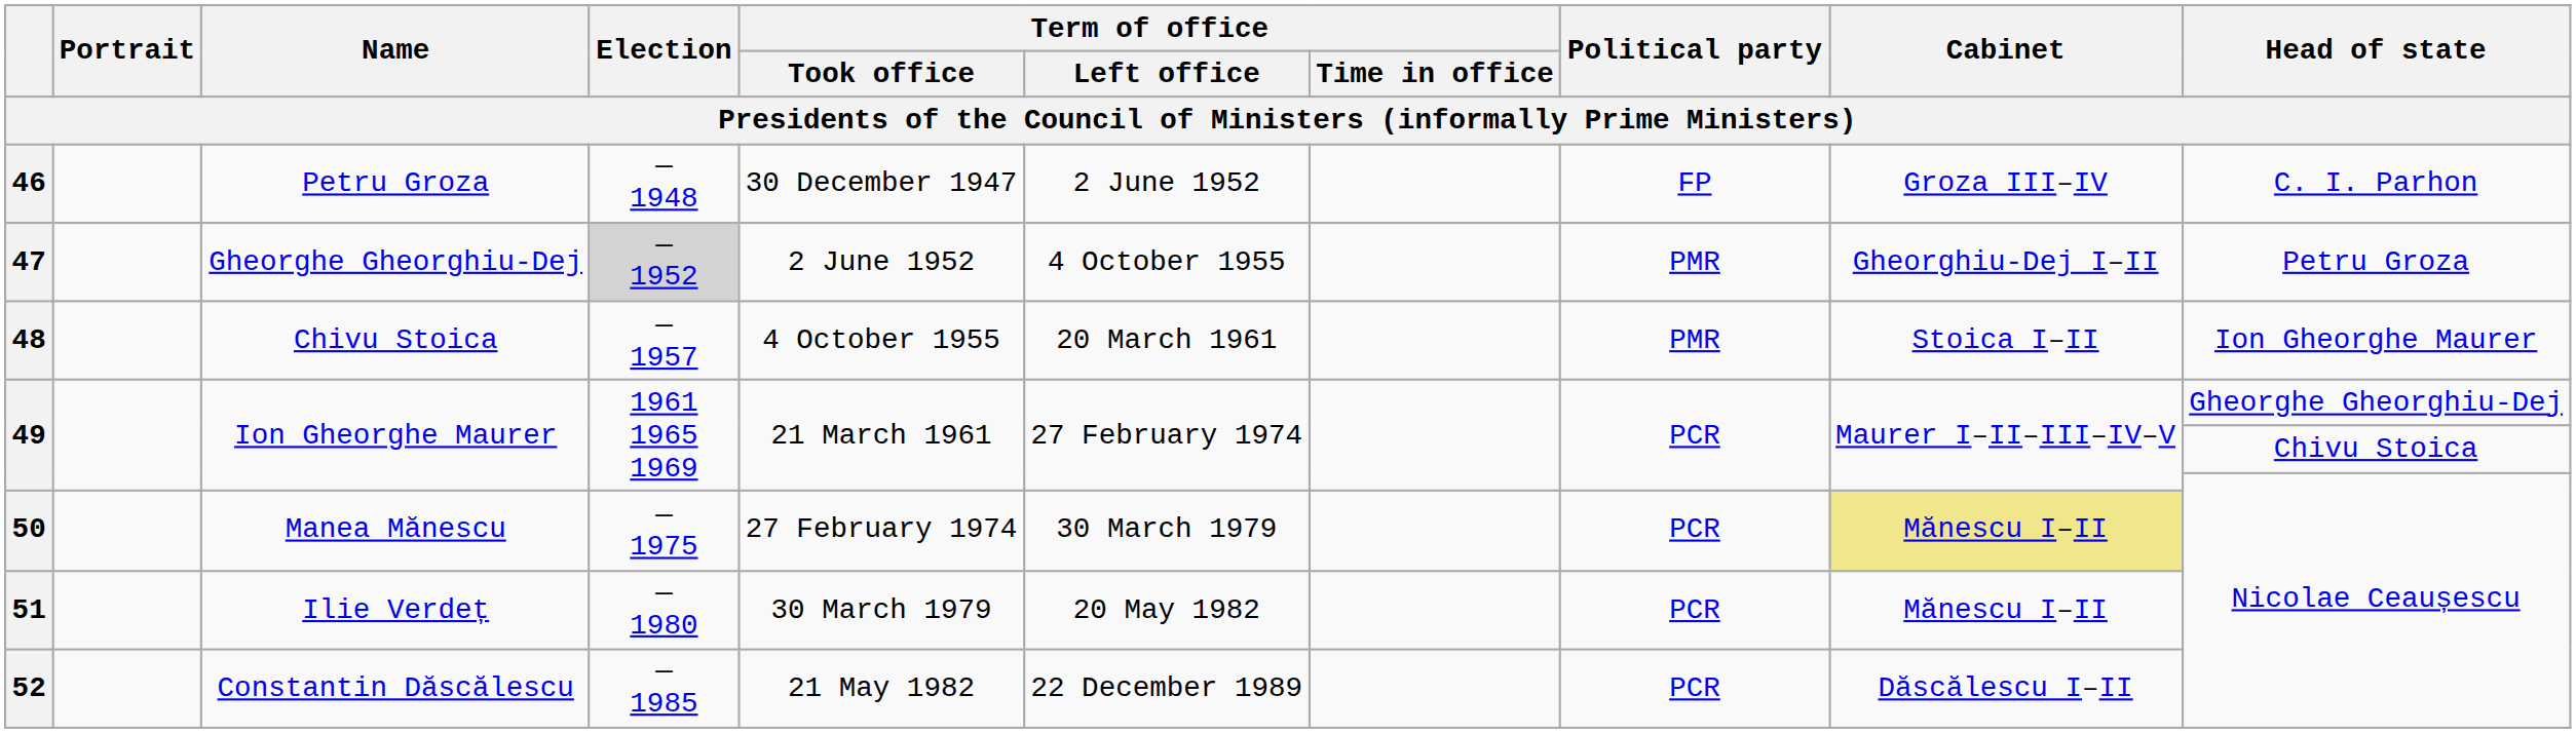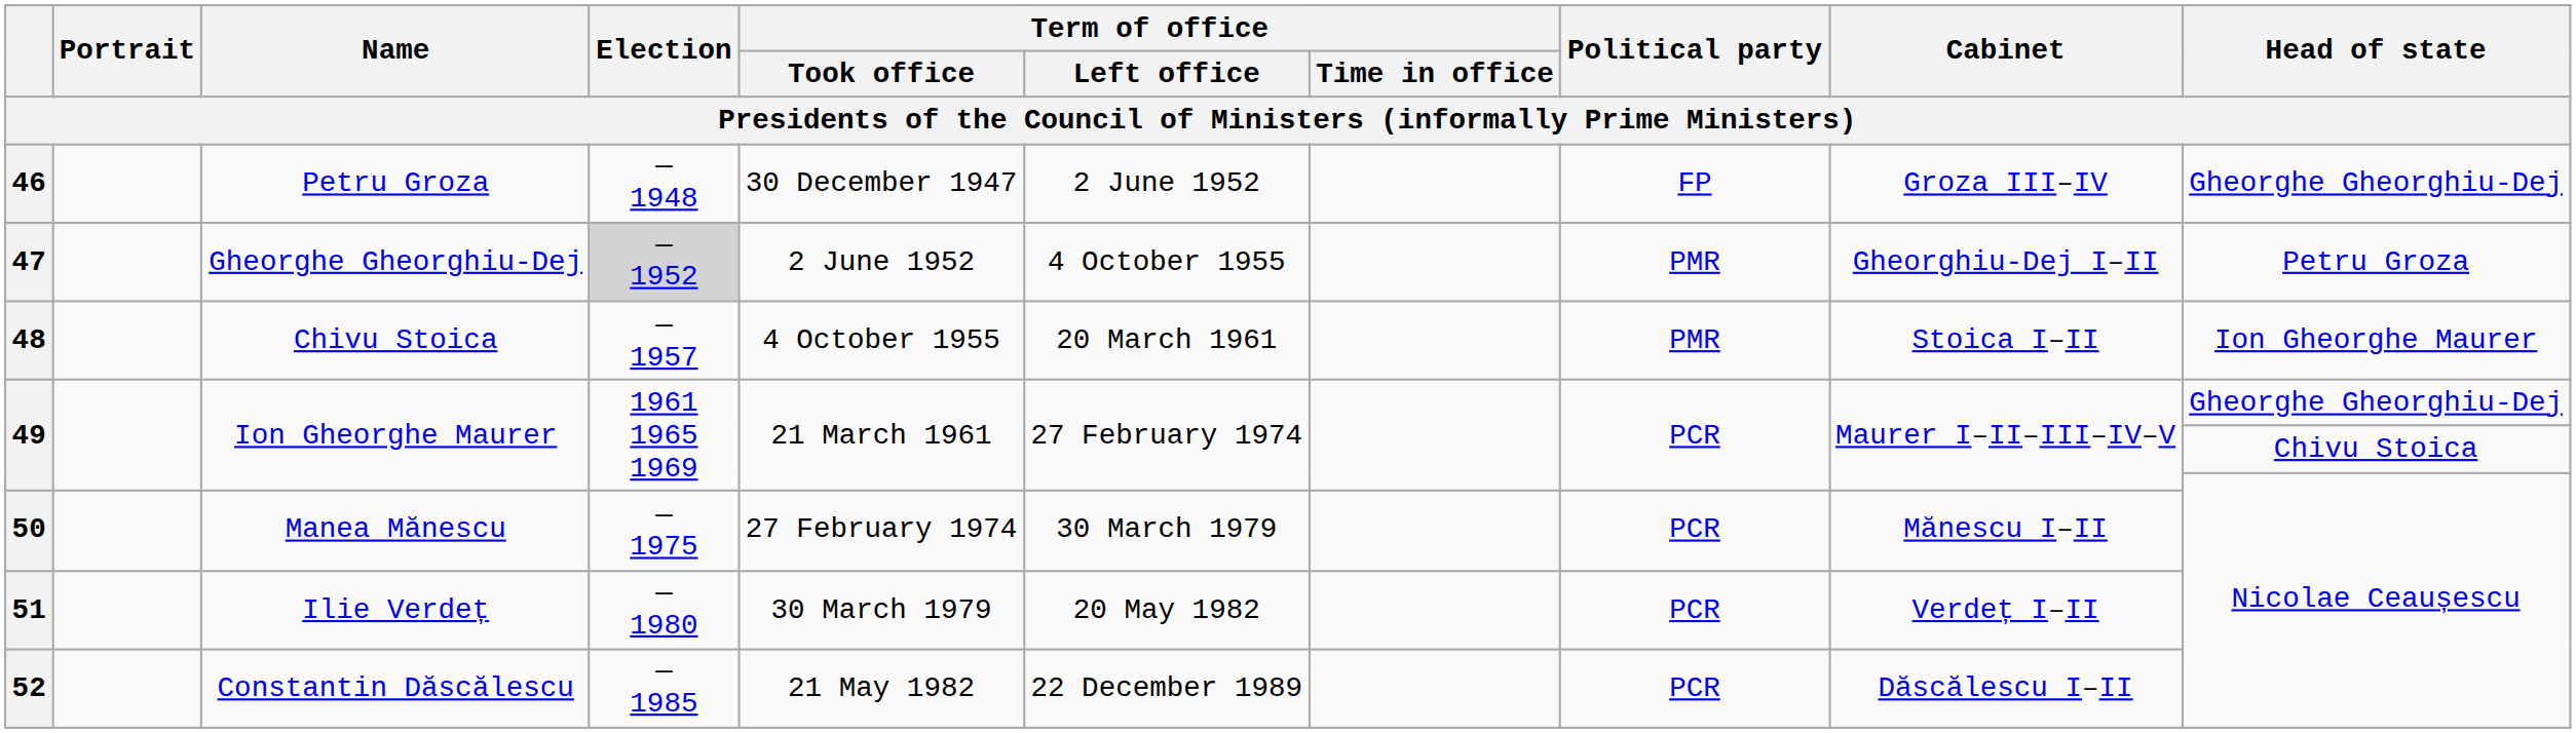 <table class="wikitable" style="text-align:center;">
 <tr>
 <th rowspan="2"></th>
 <th rowspan="2">Portrait</th>
 <th rowspan="2">Name<br></th>
 <th rowspan="2">Election</th>
 <th colspan="3">Term of office</th>
 <th rowspan="2">Political party</th>
 <th rowspan="2">Cabinet</th>
 <th rowspan="2">Head of state</th>
 </tr>
 <tr>
 <th>Took office</th>
 <th>Left office</th>
 <th>Time in office</th>
 </tr>
 <tr>
 <th colspan=10>Presidents of the Council of Ministers (informally Prime Ministers)<br></th>
 </tr>
 <tr>
 <th style="background:">46</th>
 <td></td>
 <td><a href='#'>Petru Groza</a><br></td>
 <td>—<br><a href='#'>1948</a></td>
 <td>30 December 1947</td>
 <td>2 June 1952</td>
 <td></td>
 <td><a href='#'>FP</a></td>
 <td><a href='#'>Groza III</a>–<a href='#'>IV</a></td>
-<td><a href='#'>C. I. Parhon</a></td>
+<td><a href='#'>Gheorghe Gheorghiu-Dej</a></td>
 </tr>
 <tr>
 <th style="background:">47</th>
 <td></td>
 <td><a href='#'>Gheorghe Gheorghiu-Dej</a><br></td>
 <td style="background: lightgrey;">—<br><a href='#'>1952</a></td>
 <td>2 June 1952</td>
 <td>4 October 1955</td>
 <td></td>
 <td><a href='#'>PMR</a></td>
 <td><a href='#'>Gheorghiu-Dej I</a>–<a href='#'>II</a></td>
 <td rowspan=2><a href='#'>Petru Groza</a></td>
 </tr>
 <tr>
 <th rowspan=2 style="background:">48</th>
 <td rowspan=2></td>
 <td rowspan=2><a href='#'>Chivu Stoica</a><br></td>
 <td rowspan=2>—<br><a href='#'>1957</a></td>
 <td rowspan=2>4 October 1955</td>
 <td rowspan=2>20 March 1961</td>
 <td rowspan=2></td>
 <td rowspan=2><a href='#'>PMR</a></td>
 <td rowspan=2><a href='#'>Stoica I</a>–<a href='#'>II</a></td>
 </tr>
 <tr>
 <td><a href='#'>Ion Gheorghe Maurer</a></td>
 </tr>
 <tr>
 <th rowspan=3 style="background:">49</th>
 <td rowspan=3></td>
 <td rowspan=3><a href='#'>Ion Gheorghe Maurer</a><br></td>
 <td rowspan=3><a href='#'>1961</a><br><a href='#'>1965</a><br><a href='#'>1969</a></td>
 <td rowspan=3>21 March 1961</td>
 <td rowspan=3>27 February 1974</td>
 <td rowspan=3></td>
 <td rowspan=3><a href='#'>PCR</a></td>
 <td rowspan=3><a href='#'>Maurer I</a>–<a href='#'>II</a>–<a href='#'>III</a>–<a href='#'>IV</a>–<a href='#'>V</a></td>
 <td><a href='#'>Gheorghe Gheorghiu-Dej</a></td>
 </tr>
 <tr>
 <td><a href='#'>Chivu Stoica</a></td>
 </tr>
 <tr>
 <td rowspan=4><a href='#'>Nicolae Ceaușescu</a></td>
 </tr>
 <tr>
 <th style="background:">50</th>
 <td></td>
 <td><a href='#'>Manea Mănescu</a><br></td>
 <td>—<br><a href='#'>1975</a></td>
 <td>27 February 1974</td>
 <td>30 March 1979</td>
 <td></td>
 <td><a href='#'>PCR</a></td>
-<td style="background: khaki;"><a href='#'>Mănescu I</a>–<a href='#'>II</a></td>
+<td><a href='#'>Mănescu I</a>–<a href='#'>II</a></td>
 </tr>
 <tr>
 <th style="background:">51</th>
 <td></td>
 <td><a href='#'>Ilie Verdeț</a><br></td>
 <td>—<br><a href='#'>1980</a></td>
 <td>30 March 1979</td>
 <td>20 May 1982</td>
 <td></td>
 <td><a href='#'>PCR</a></td>
-<td><a href='#'>Mănescu I</a>–<a href='#'>II</a></td>
+<td><a href='#'>Verdeț I</a>–<a href='#'>II</a></td>
 </tr>
 <tr>
 <th style="background:">52</th>
 <td></td>
 <td><a href='#'>Constantin Dăscălescu</a><br></td>
 <td>—<br><a href='#'>1985</a></td>
 <td>21 May 1982</td>
 <td>22 December 1989</td>
 <td></td>
 <td><a href='#'>PCR</a></td>
 <td><a href='#'>Dăscălescu I</a>–<a href='#'>II</a></td>
 </tr>
 </table>
